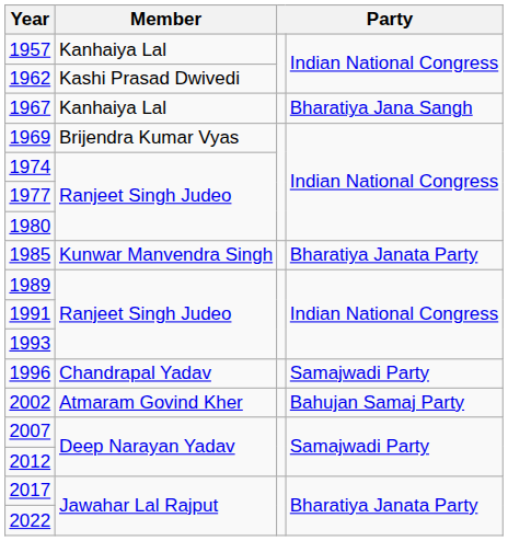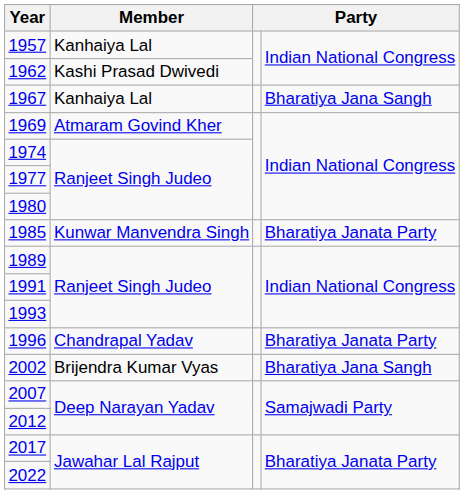 <table class="wikitable">
 <tr>
 <th>Year</th>
 <th>Member</th>
 <th colspan="2">Party</th>
 </tr>
 <tr>
 <td><a href='#'>1957</a></td>
 <td>Kanhaiya Lal</td>
 <td rowspan="2" style="background-color: "></td>
 <td rowspan="2"><a href='#'>Indian National Congress</a></td>
 </tr>
 <tr>
 <td><a href='#'>1962</a></td>
 <td>Kashi Prasad Dwivedi</td>
 </tr>
 <tr>
 <td><a href='#'>1967</a></td>
 <td>Kanhaiya Lal</td>
 <td style="background-color: "></td>
 <td><a href='#'>Bharatiya Jana Sangh</a></td>
 </tr>
 <tr>
 <td><a href='#'>1969</a></td>
-<td>Brijendra Kumar Vyas</td>
+<td><a href='#'>Atmaram Govind Kher</a></td>
 <td rowspan="4" style="background-color: "></td>
 <td rowspan="4"><a href='#'>Indian National Congress</a></td>
 </tr>
 <tr>
 <td><a href='#'>1974</a></td>
 <td rowspan="3"><a href='#'>Ranjeet Singh Judeo</a></td>
 </tr>
 <tr>
 <td><a href='#'>1977</a></td>
 </tr>
 <tr>
 <td><a href='#'>1980</a></td>
 </tr>
 <tr>
 <td><a href='#'>1985</a></td>
 <td><a href='#'>Kunwar Manvendra Singh</a></td>
 <td style="background-color: "></td>
 <td><a href='#'>Bharatiya Janata Party</a></td>
 </tr>
 <tr>
 <td><a href='#'>1989</a></td>
 <td rowspan="3"><a href='#'>Ranjeet Singh Judeo</a></td>
 <td rowspan="3" style="background-color: "></td>
 <td rowspan="3"><a href='#'>Indian National Congress</a></td>
 </tr>
 <tr>
 <td><a href='#'>1991</a></td>
 </tr>
 <tr>
 <td><a href='#'>1993</a></td>
 </tr>
 <tr>
 <td><a href='#'>1996</a></td>
 <td><a href='#'>Chandrapal Yadav</a></td>
 <td style="background-color: "></td>
-<td><a href='#'>Samajwadi Party</a></td>
+<td><a href='#'>Bharatiya Janata Party</a></td>
 </tr>
 <tr>
 <td><a href='#'>2002</a></td>
-<td><a href='#'>Atmaram Govind Kher</a></td>
+<td>Brijendra Kumar Vyas</td>
 <td style="background-color: "></td>
-<td><a href='#'>Bahujan Samaj Party</a></td>
+<td><a href='#'>Bharatiya Jana Sangh</a></td>
 </tr>
 <tr>
 <td><a href='#'>2007</a></td>
 <td rowspan="2"><a href='#'>Deep Narayan Yadav</a></td>
 <td rowspan="2" style="background-color: "></td>
 <td rowspan="2"><a href='#'>Samajwadi Party</a></td>
 </tr>
 <tr>
 <td><a href='#'>2012</a></td>
 </tr>
 <tr>
 <td><a href='#'>2017</a></td>
 <td rowspan="2"><a href='#'>Jawahar Lal Rajput</a></td>
 <td rowspan="2" style="background-color: "></td>
 <td rowspan="2"><a href='#'>Bharatiya Janata Party</a></td>
 </tr>
 <tr>
 <td><a href='#'>2022</a></td>
 </tr>
 </table>
